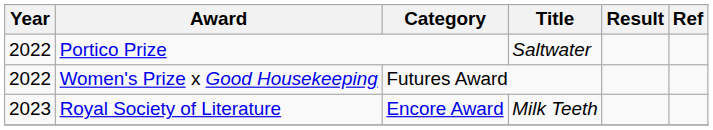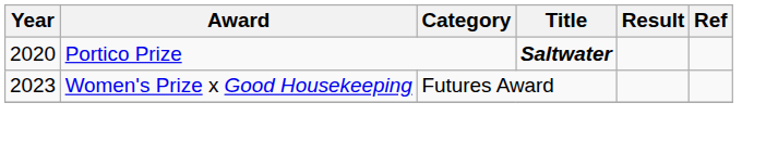 <table class="wikitable sortable">
 <tr>
 <th>Year</th>
 <th>Award</th>
 <th>Category</th>
 <th>Title</th>
 <th>Result</th>
 <th>Ref</th>
 </tr>
 <tr>
-<td>2022</td>
+<td>2020</td>
 <td colspan="2"><a href='#'>Portico Prize</a></td>
-<td><em>Saltwater</em></td>
+<td><strong><em>Saltwater</em></strong></td>
 <td></td>
 <td></td>
 </tr>
 <tr>
-<td>2022</td>
+<td>2023</td>
 <td><a href='#'>Women's Prize</a> x <em><a href='#'>Good Housekeeping</a></em></td>
 <td colspan="2">Futures Award</td>
 <td></td>
 <td></td>
 </tr>
 <tr>
-<td>2023</td>
-<td><a href='#'>Royal Society of Literature</a></td>
-<td><a href='#'>Encore Award</a></td>
-<td><em>Milk Teeth</em></td>
-<td></td>
-<td></td>
-</tr>
-<tr>
 </tr>
 </table>
